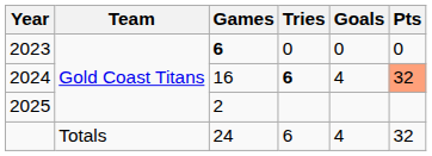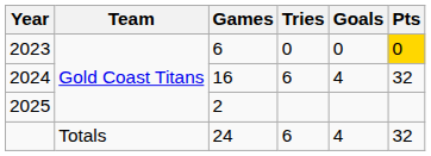 <table class="wikitable">
 <tr>
 <th>Year</th>
 <th>Team</th>
 <th>Games</th>
 <th>Tries</th>
 <th>Goals</th>
 <th>Pts</th>
 </tr>
 <tr>
 <td>2023</td>
 <td rowspan="3"> <a href='#'>Gold Coast Titans</a></td>
-<td><strong>6</strong></td>
+<td>6</td>
 <td>0</td>
 <td>0</td>
-<td>0</td>
+<td style="background: gold;">0</td>
 </tr>
 <tr>
 <td>2024</td>
 <td>16</td>
-<td><strong>6</strong></td>
+<td>6</td>
 <td>4</td>
-<td style="background: lightsalmon;">32</td>
+<td>32</td>
 </tr>
 <tr>
 <td>2025</td>
 <td>2</td>
 <td></td>
 <td></td>
 <td></td>
 </tr>
 <tr>
 <td></td>
 <td>Totals</td>
 <td>24</td>
 <td>6</td>
 <td>4</td>
 <td>32</td>
 </tr>
 </table>
